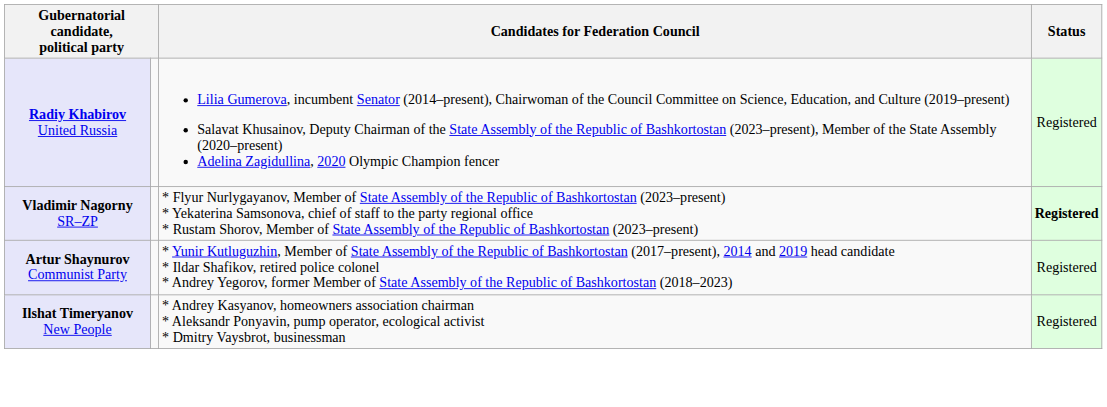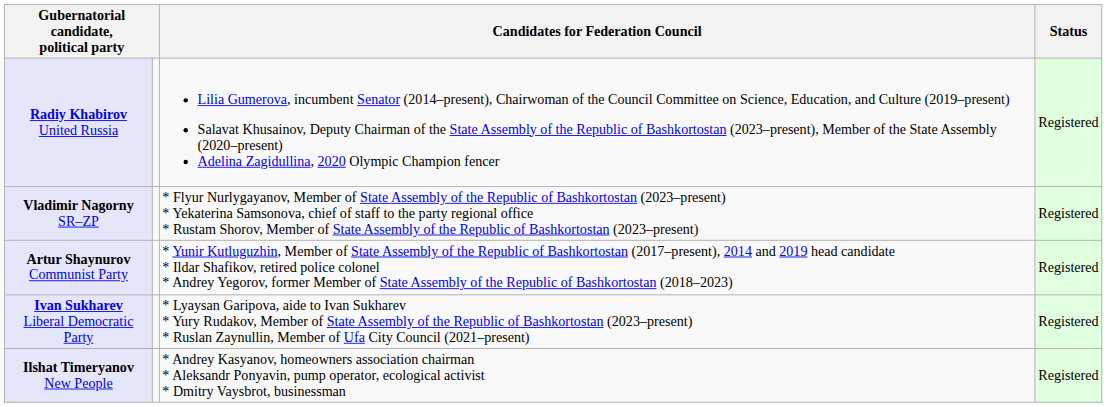 <table class="wikitable" style="text-align:center;">
 <tr>
 <th colspan="2">Gubernatorial candidate,<br>political party</th>
 <th>Candidates for Federation Council</th>
 <th>Status</th>
 </tr>
 <tr>
 <td style="background:lavender;"><strong><a href='#'>Radiy Khabirov</a></strong><br><a href='#'>United Russia</a></td>
 <td style="background-color:"></td>
 <td align=left><br><ul><li><a href='#'>Lilia Gumerova</a>, incumbent <a href='#'>Senator</a> (2014–present), Chairwoman of the Council Committee on Science, Education, and Culture (2019–present)</li></ul><ul><li>Salavat Khusainov, Deputy Chairman of the <a href='#'>State Assembly of the Republic of Bashkortostan</a> (2023–present), Member of the State Assembly (2020–present)</li><li><a href='#'>Adelina Zagidullina</a>, <a href='#'>2020</a> Olympic Champion fencer</li></ul></td>
 <td bgcolor="#DFFFDF">Registered</td>
 </tr>
 <tr>
 <td style="background:lavender;"><strong>Vladimir Nagorny</strong><br><a href='#'>SR–ZP</a></td>
 <td style="background-color:"></td>
 <td align=left>* Flyur Nurlygayanov, Member of <a href='#'>State Assembly of the Republic of Bashkortostan</a> (2023–present)<br> * Yekaterina Samsonova, chief of staff to the party regional office <br> * Rustam Shorov, Member of <a href='#'>State Assembly of the Republic of Bashkortostan</a> (2023–present)</td>
-<td bgcolor="#DFFFDF"><strong>Registered</strong></td>
+<td bgcolor="#DFFFDF">Registered</td>
 </tr>
 <tr>
 <td style="background:lavender;"><strong>Artur Shaynurov</strong><br><a href='#'>Communist Party</a></td>
 <td style="background-color:"></td>
 <td align=left>* <a href='#'>Yunir Kutluguzhin</a>, Member of <a href='#'>State Assembly of the Republic of Bashkortostan</a> (2017–present), <a href='#'>2014</a> and <a href='#'>2019</a> head candidate<br> * Ildar Shafikov, retired police colonel<br> * Andrey Yegorov, former Member of <a href='#'>State Assembly of the Republic of Bashkortostan</a> (2018–2023)</td>
+<td bgcolor="#DFFFDF">Registered</td>
+</tr>
+<tr>
+<td style="background:lavender;"><strong><a href='#'>Ivan Sukharev</a></strong><br><a href='#'>Liberal Democratic Party</a></td>
+<td style="background-color:"></td>
+<td align=left>* Lyaysan Garipova, aide to Ivan Sukharev<br> * Yury Rudakov, Member of <a href='#'>State Assembly of the Republic of Bashkortostan</a> (2023–present) <br> * Ruslan Zaynullin, Member of <a href='#'>Ufa</a> City Council (2021–present)</td>
 <td bgcolor="#DFFFDF">Registered</td>
 </tr>
 <tr>
 <td style="background:lavender;"><strong>Ilshat Timeryanov</strong><br><a href='#'>New People</a></td>
 <td style="background-color:"></td>
 <td align=left>* Andrey Kasyanov, homeowners association chairman<br> * Aleksandr Ponyavin, pump operator, ecological activist<br> * Dmitry Vaysbrot, businessman</td>
 <td bgcolor="#DFFFDF">Registered</td>
 </tr>
 </table>
